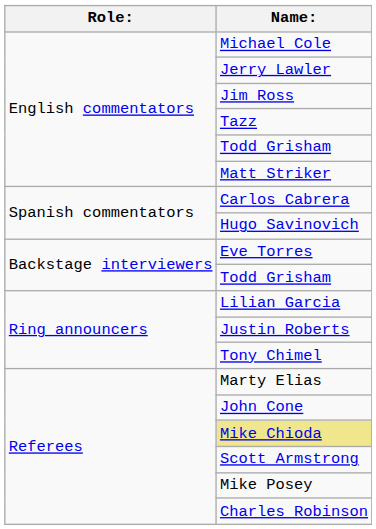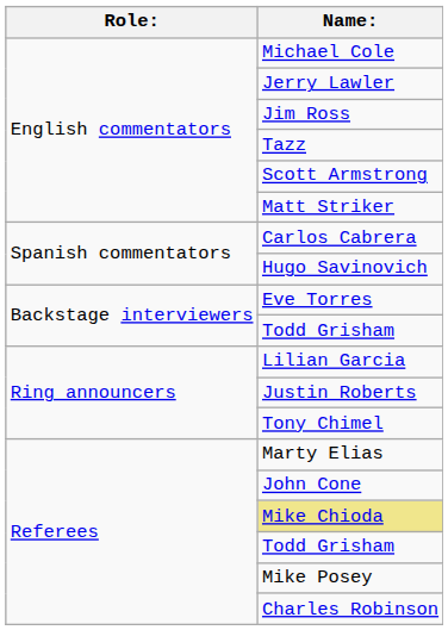 <table class=wikitable style="font-size:90%; margin: 0.5em 0 0.5em 1em; float: right; clear: right;">
 <tr>
 <th>Role:</th>
 <th>Name:</th>
 </tr>
 <tr>
 <td rowspan=6>English <a href='#'>commentators</a></td>
 <td><a href='#'>Michael Cole</a> </td>
 </tr>
 <tr>
 <td><a href='#'>Jerry Lawler</a> </td>
 </tr>
 <tr>
 <td><a href='#'>Jim Ross</a> </td>
 </tr>
 <tr>
 <td><a href='#'>Tazz</a> </td>
 </tr>
 <tr>
-<td><a href='#'>Todd Grisham</a> </td>
+<td><a href='#'>Scott Armstrong</a></td>
 </tr>
 <tr>
 <td><a href='#'>Matt Striker</a> </td>
 </tr>
 <tr>
 <td rowspan=2>Spanish commentators</td>
 <td><a href='#'>Carlos Cabrera</a></td>
 </tr>
 <tr>
 <td><a href='#'>Hugo Savinovich</a></td>
 </tr>
 <tr>
 <td rowspan=2>Backstage <a href='#'>interviewers</a></td>
 <td><a href='#'>Eve Torres</a></td>
 </tr>
 <tr>
 <td><a href='#'>Todd Grisham</a></td>
 </tr>
 <tr>
 <td rowspan=3><a href='#'>Ring announcers</a></td>
 <td><a href='#'>Lilian Garcia</a> </td>
 </tr>
 <tr>
 <td><a href='#'>Justin Roberts</a> </td>
 </tr>
 <tr>
 <td><a href='#'>Tony Chimel</a> </td>
 </tr>
 <tr>
 <td rowspan=6><a href='#'>Referees</a></td>
 <td>Marty Elias</td>
 </tr>
 <tr>
 <td><a href='#'>John Cone</a></td>
 </tr>
 <tr>
 <td style="background: khaki;"><a href='#'>Mike Chioda</a></td>
 </tr>
 <tr>
-<td><a href='#'>Scott Armstrong</a></td>
+<td><a href='#'>Todd Grisham</a> </td>
 </tr>
 <tr>
 <td>Mike Posey</td>
 </tr>
 <tr>
 <td><a href='#'>Charles Robinson</a></td>
 </tr>
 </table>
